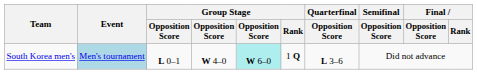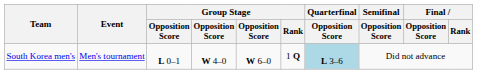 <table class="wikitable" style="font-size:90%">
 <tr>
 <th rowspan=2>Team</th>
 <th rowspan=2>Event</th>
 <th colspan=4>Group Stage</th>
 <th>Quarterfinal</th>
 <th>Semifinal</th>
 <th colspan=2>Final / </th>
 </tr>
 <tr style="font-size:95%">
 <th>Opposition<br>Score</th>
 <th>Opposition<br>Score</th>
 <th>Opposition<br>Score</th>
 <th>Rank</th>
 <th>Opposition<br>Score</th>
 <th>Opposition<br>Score</th>
 <th>Opposition<br>Score</th>
 <th>Rank</th>
 </tr>
 <tr style="text-align:center">
 <td style="text-align:left"><a href='#'>South Korea men's</a></td>
-<td style="background: lightblue; text-align:left"><a href='#'>Men's tournament</a></td>
+<td style="text-align:left"><a href='#'>Men's tournament</a></td>
 <td><br><strong>L</strong> 0–1</td>
 <td><br><strong>W</strong> 4–0</td>
-<td style="background: paleturquoise;"><br><strong>W</strong> 6–0</td>
+<td><br><strong>W</strong> 6–0</td>
 <td>1 <strong>Q</strong></td>
-<td><br><strong>L</strong> 3–6</td>
+<td style="background: lightblue;"><br><strong>L</strong> 3–6</td>
 <td colspan=3>Did not advance</td>
 </tr>
 </table>
